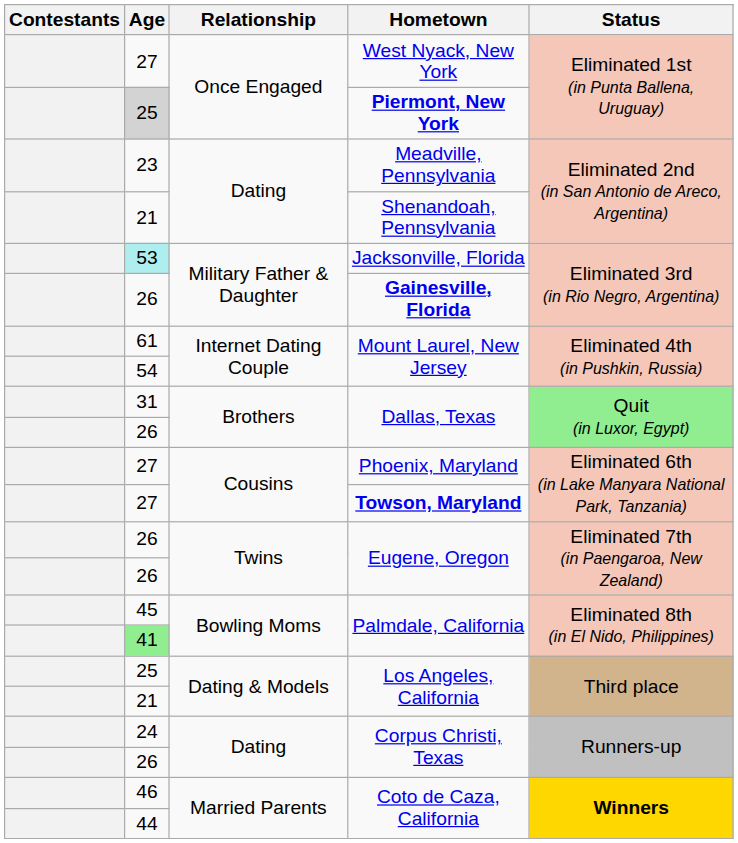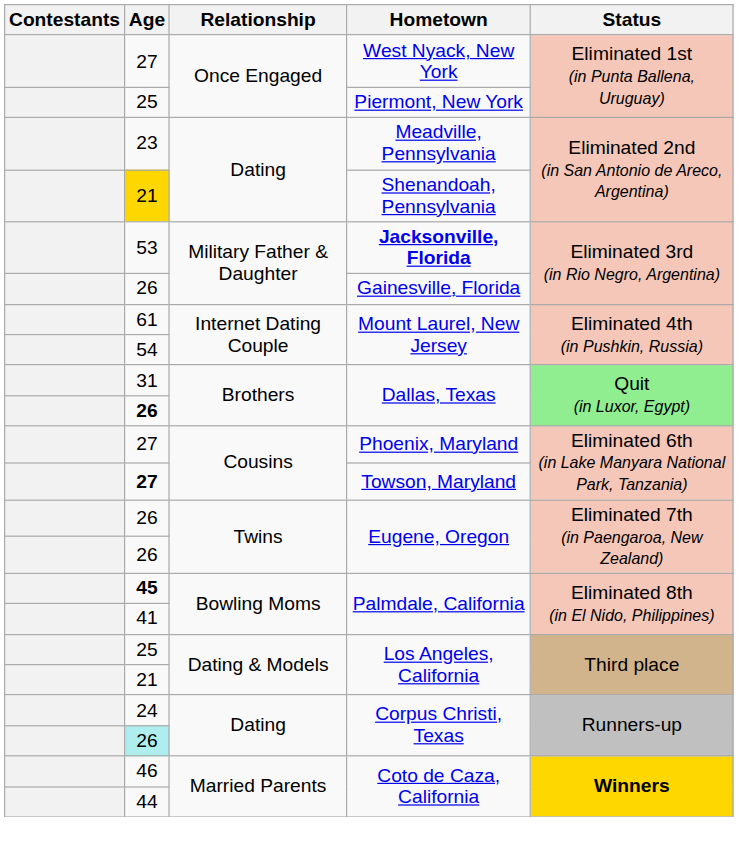 <table class="wikitable sortable" style="text-align:center;">
 <tr>
 <th scope="col">Contestants</th>
 <th scope="col">Age</th>
 <th scope="col" class="unsortable">Relationship</th>
 <th class="unsortable" scope="col">Hometown</th>
 <th scope="col">Status</th>
 </tr>
 <tr>
 <th scope="row"></th>
 <td>27</td>
 <td rowspan="2">Once Engaged</td>
 <td><a href='#'>West Nyack, New York</a></td>
 <td rowspan="2" bgcolor="f4c7b8">Eliminated 1st<br><small><em>(in Punta Ballena, Uruguay)</em></small></td>
 </tr>
 <tr>
 <th scope="row"></th>
-<td style="background: lightgrey;">25</td>
-<td><strong><a href='#'>Piermont, New York</a></strong></td>
+<td>25</td>
+<td><a href='#'>Piermont, New York</a></td>
 </tr>
 <tr>
 <th scope="row"></th>
 <td>23</td>
 <td rowspan="2">Dating</td>
 <td><a href='#'>Meadville, Pennsylvania</a></td>
 <td rowspan="2" bgcolor="f4c7b8">Eliminated 2nd<br><small><em>(in San Antonio de Areco, Argentina)</em></small></td>
 </tr>
 <tr>
 <th scope="row"></th>
-<td>21</td>
+<td style="background: gold;">21</td>
 <td><a href='#'>Shenandoah, Pennsylvania</a></td>
 </tr>
 <tr>
 <th scope="row"></th>
-<td style="background: paleturquoise;">53</td>
+<td>53</td>
 <td rowspan="2">Military Father & Daughter</td>
-<td><a href='#'>Jacksonville, Florida</a></td>
+<td><strong><a href='#'>Jacksonville, Florida</a></strong></td>
 <td rowspan="2" bgcolor="f4c7b8">Eliminated 3rd<br><small><em>(in Rio Negro, Argentina)</em></small></td>
 </tr>
 <tr>
 <th scope="row"></th>
 <td>26</td>
-<td><strong><a href='#'>Gainesville, Florida</a></strong></td>
+<td><a href='#'>Gainesville, Florida</a></td>
 </tr>
 <tr>
 <th scope="row"></th>
 <td>61</td>
 <td rowspan="2">Internet Dating Couple</td>
 <td rowspan="2"><a href='#'>Mount Laurel, New Jersey</a></td>
 <td rowspan="2" bgcolor="f4c7b8">Eliminated 4th<br><small><em>(in Pushkin, Russia)</em></small></td>
 </tr>
 <tr>
 <th scope="row"></th>
 <td>54</td>
 </tr>
 <tr>
 <th scope="row"></th>
 <td>31</td>
 <td rowspan="2">Brothers</td>
 <td rowspan="2"><a href='#'>Dallas, Texas</a></td>
 <td rowspan="2" bgcolor="lightgreen">Quit<br><small><em>(in Luxor, Egypt)</em></small></td>
 </tr>
 <tr>
 <th scope="row"></th>
-<td>26</td>
+<td><strong>26</strong></td>
 </tr>
 <tr>
 <th scope="row"></th>
 <td>27</td>
 <td rowspan="2">Cousins</td>
 <td><a href='#'>Phoenix, Maryland</a></td>
 <td rowspan="2" bgcolor="f4c7b8">Eliminated 6th<br><small><em>(in Lake Manyara National Park, Tanzania)</em></small></td>
 </tr>
 <tr>
 <th scope="row"></th>
-<td>27</td>
-<td><strong><a href='#'>Towson, Maryland</a></strong></td>
+<td><strong>27</strong></td>
+<td><a href='#'>Towson, Maryland</a></td>
 </tr>
 <tr>
 <th scope="row"></th>
 <td>26</td>
 <td rowspan="2">Twins</td>
 <td rowspan="2"><a href='#'>Eugene, Oregon</a></td>
 <td rowspan="2" bgcolor="f4c7b8">Eliminated 7th<br><small><em>(in Paengaroa, New Zealand)</em></small></td>
 </tr>
 <tr>
 <th scope="row"></th>
 <td>26</td>
 </tr>
 <tr>
 <th scope="row"></th>
-<td>45</td>
+<td><strong>45</strong></td>
 <td rowspan="2">Bowling Moms</td>
 <td rowspan="2"><a href='#'>Palmdale, California</a></td>
 <td rowspan="2" bgcolor="f4c7b8">Eliminated 8th<br><small><em>(in El Nido, Philippines)</em></small></td>
 </tr>
 <tr>
 <th scope="row"></th>
-<td style="background: lightgreen;">41</td>
+<td>41</td>
 </tr>
 <tr>
 <th scope="row"></th>
 <td>25</td>
 <td rowspan="2">Dating & Models</td>
 <td rowspan="2"><a href='#'>Los Angeles, California</a></td>
 <td rowspan="2" bgcolor="tan">Third place</td>
 </tr>
 <tr>
 <th scope="row"></th>
 <td>21</td>
 </tr>
 <tr>
 <th scope="row"></th>
 <td>24</td>
 <td rowspan="2">Dating</td>
 <td rowspan="2"><a href='#'>Corpus Christi, Texas</a></td>
 <td rowspan="2" bgcolor="silver">Runners-up</td>
 </tr>
 <tr>
 <th scope="row"></th>
-<td>26</td>
+<td style="background: paleturquoise;">26</td>
 </tr>
 <tr>
 <th scope="row"></th>
 <td>46</td>
 <td rowspan="2">Married Parents</td>
 <td rowspan="2"><a href='#'>Coto de Caza, California</a></td>
 <td rowspan="2" bgcolor="gold"><strong>Winners</strong></td>
 </tr>
 <tr>
 <th scope="row"></th>
 <td>44</td>
 </tr>
 </table>
